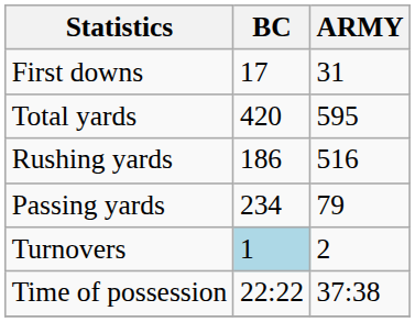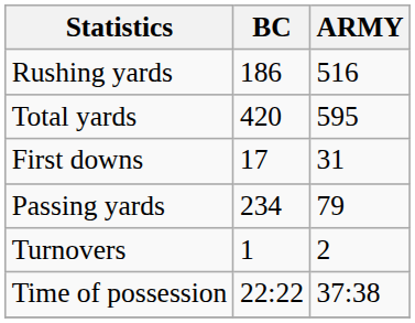 <table class="wikitable">
 <tr>
 <th>Statistics</th>
 <th>BC</th>
 <th>ARMY</th>
 </tr>
 <tr>
-<td>First downs</td>
-<td>17</td>
-<td>31</td>
+<td>Rushing yards</td>
+<td>186</td>
+<td>516</td>
 </tr>
 <tr>
 <td>Total yards</td>
 <td>420</td>
 <td>595</td>
 </tr>
 <tr>
-<td>Rushing yards</td>
-<td>186</td>
-<td>516</td>
+<td>First downs</td>
+<td>17</td>
+<td>31</td>
 </tr>
 <tr>
 <td>Passing yards</td>
 <td>234</td>
 <td>79</td>
 </tr>
 <tr>
 <td>Turnovers</td>
-<td style="background: lightblue;">1</td>
+<td>1</td>
 <td>2</td>
 </tr>
 <tr>
 <td>Time of possession</td>
 <td>22:22</td>
 <td>37:38</td>
 </tr>
 <tr>
 </tr>
 </table>
